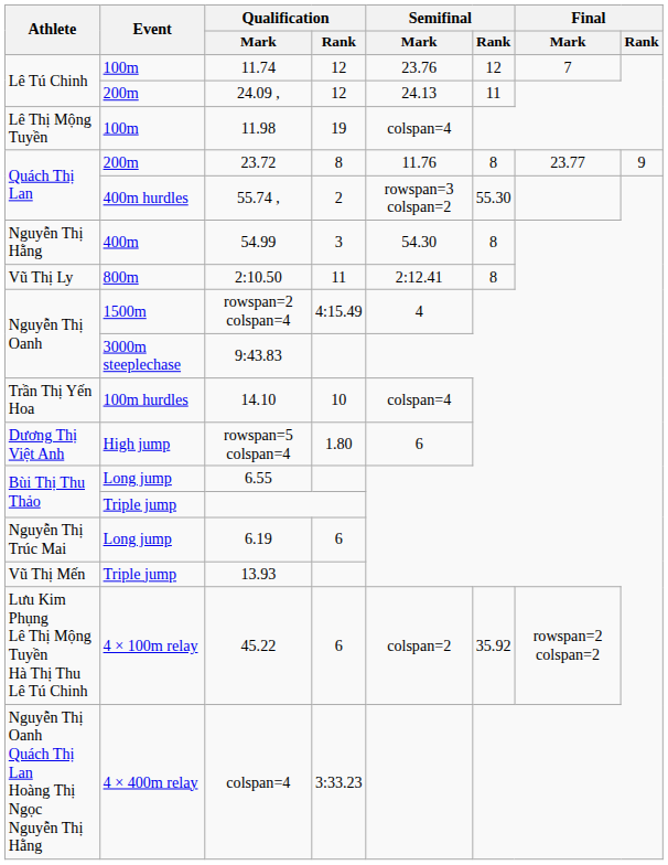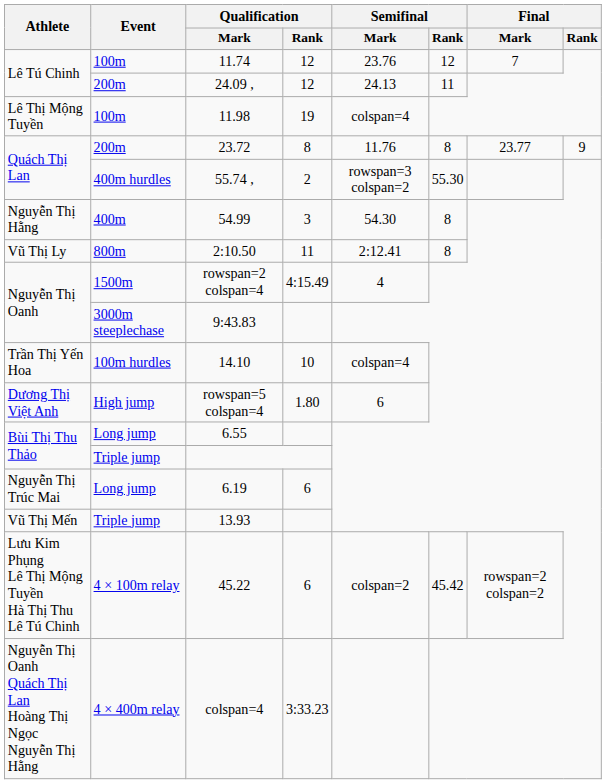 <table class=wikitable style=font-size:90%;text-align:center>
 <tr>
 <th rowspan=2>Athlete</th>
 <th rowspan=2>Event</th>
 <th colspan=2>Qualification</th>
 <th colspan=2>Semifinal</th>
 <th colspan=2>Final</th>
 </tr>
 <tr style="font-size:95%">
 <th>Mark</th>
 <th>Rank</th>
 <th>Mark</th>
 <th>Rank</th>
 <th>Mark</th>
 <th>Rank</th>
 </tr>
 <tr>
 <td rowspan=2 align=left>Lê Tú Chinh</td>
 <td align=left><a href='#'>100m</a></td>
 <td>11.74 </td>
 <td>12</td>
 <td>23.76 </td>
 <td>12</td>
 <td>7</td>
 </tr>
 <tr>
 <td align=left><a href='#'>200m</a></td>
 <td>24.09 , </td>
 <td>12</td>
 <td>24.13</td>
 <td>11</td>
 </tr>
 <tr>
 <td align=left>Lê Thị Mộng Tuyền</td>
 <td align=left><a href='#'>100m</a></td>
 <td>11.98</td>
 <td>19</td>
 <td>colspan=4</td>
 </tr>
 <tr>
 <td rowspan=2 align=left><a href='#'>Quách Thị Lan</a></td>
 <td align=left><a href='#'>200m</a></td>
 <td>23.72 </td>
 <td>8</td>
 <td>11.76</td>
 <td>8</td>
 <td>23.77</td>
 <td>9</td>
 </tr>
 <tr>
 <td align=left><a href='#'>400m hurdles</a></td>
 <td>55.74 , </td>
 <td>2</td>
 <td>rowspan=3 colspan=2</td>
 <td>55.30 </td>
 <td></td>
 </tr>
 <tr>
 <td align=left>Nguyễn Thị Hằng</td>
 <td align=left><a href='#'>400m</a></td>
 <td>54.99 </td>
 <td>3</td>
 <td>54.30 </td>
 <td>8</td>
 </tr>
 <tr>
 <td align=left>Vũ Thị Ly</td>
 <td align=left><a href='#'>800m</a></td>
 <td>2:10.50 </td>
 <td>11</td>
 <td>2:12.41</td>
 <td>8</td>
 </tr>
 <tr>
 <td rowspan=2 align=left>Nguyễn Thị Oanh</td>
 <td align=left><a href='#'>1500m</a></td>
 <td>rowspan=2 colspan=4</td>
 <td>4:15.49 </td>
 <td>4</td>
 </tr>
 <tr>
 <td align=left><a href='#'>3000m steeplechase</a></td>
 <td>9:43.83 </td>
 <td></td>
 </tr>
 <tr>
 <td align=left>Trần Thị Yến Hoa</td>
 <td align=left><a href='#'>100m hurdles</a></td>
 <td>14.10</td>
 <td>10</td>
 <td>colspan=4</td>
 </tr>
 <tr>
 <td align=left><a href='#'>Dương Thị Việt Anh</a></td>
 <td align=left><a href='#'>High jump</a></td>
 <td>rowspan=5 colspan=4</td>
 <td>1.80</td>
 <td>6</td>
 </tr>
 <tr>
 <td rowspan=2 align=left><a href='#'>Bùi Thị Thu Thảo</a></td>
 <td align=left><a href='#'>Long jump</a></td>
 <td>6.55 </td>
 <td></td>
 </tr>
 <tr>
 <td align=left><a href='#'>Triple jump</a></td>
 <td colspan=2></td>
 </tr>
 <tr>
 <td align=left>Nguyễn Thị Trúc Mai</td>
 <td align=left><a href='#'>Long jump</a></td>
 <td>6.19</td>
 <td>6</td>
 </tr>
 <tr>
 <td align=left>Vũ Thị Mến</td>
 <td align=left><a href='#'>Triple jump</a></td>
 <td>13.93 </td>
 <td></td>
 </tr>
 <tr>
 <td align=left>Lưu Kim Phụng<br>Lê Thị Mộng Tuyền<br>Hà Thị Thu<br>Lê Tú Chinh</td>
 <td align=left><a href='#'>4 × 100m relay</a></td>
 <td>45.22 </td>
 <td>6</td>
 <td>colspan=2</td>
-<td>35.92</td>
+<td>45.42</td>
 <td>rowspan=2 colspan=2</td>
 </tr>
 <tr>
 <td align=left>Nguyễn Thị Oanh<br><a href='#'>Quách Thị Lan</a><br>Hoàng Thị Ngọc<br>Nguyễn Thị Hằng</td>
 <td align=left><a href='#'>4 × 400m relay</a></td>
 <td>colspan=4</td>
 <td>3:33.23 </td>
 <td></td>
 </tr>
 </table>
